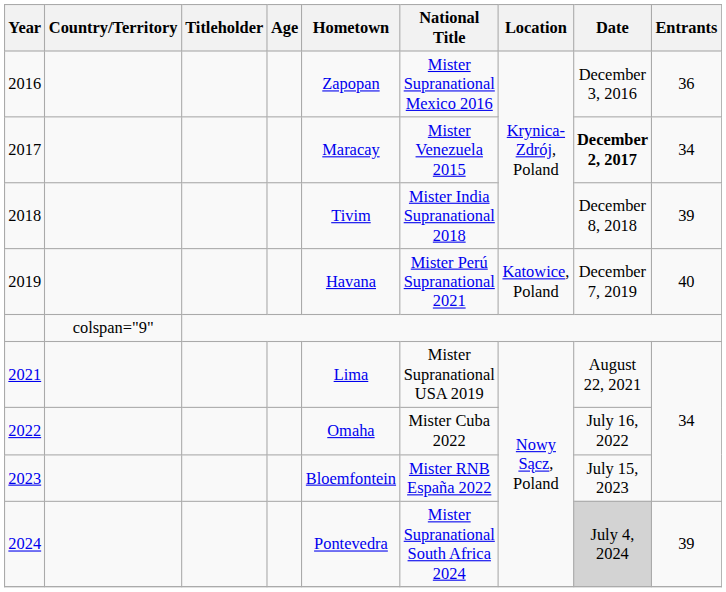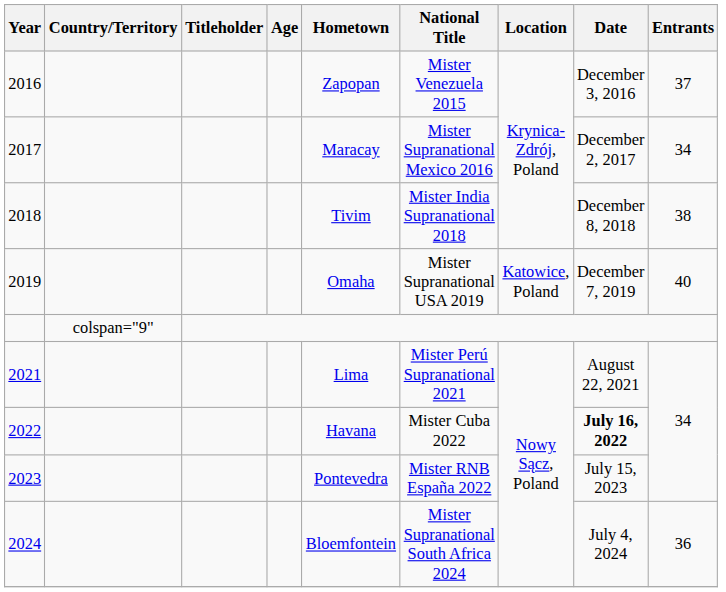 <table class="wikitable sortable" style="font-size: 95%; text-align:center;">
 <tr>
 <th>Year</th>
 <th>Country/Territory</th>
 <th>Titleholder</th>
 <th>Age</th>
 <th>Hometown</th>
 <th>National Title</th>
 <th>Location</th>
 <th>Date</th>
 <th>Entrants</th>
 </tr>
 <tr>
 <td>2016</td>
 <td></td>
 <td></td>
 <td></td>
 <td><a href='#'>Zapopan</a></td>
-<td><a href='#'>Mister Supranational Mexico 2016</a></td>
+<td><a href='#'>Mister Venezuela 2015</a></td>
 <td rowspan=3><a href='#'>Krynica-Zdrój</a>, Poland</td>
 <td>December 3, 2016</td>
-<td align=center>36</td>
+<td align=center>37</td>
 </tr>
 <tr>
 <td>2017</td>
 <td></td>
 <td></td>
 <td></td>
 <td><a href='#'>Maracay</a></td>
-<td><a href='#'>Mister Venezuela 2015</a></td>
-<td><strong>December 2, 2017</strong></td>
+<td><a href='#'>Mister Supranational Mexico 2016</a></td>
+<td>December 2, 2017</td>
 <td align=center>34</td>
 </tr>
 <tr>
 <td>2018</td>
 <td></td>
 <td></td>
 <td></td>
 <td><a href='#'>Tivim</a></td>
 <td><a href='#'>Mister India Supranational 2018</a></td>
 <td>December 8, 2018</td>
-<td align=center>39</td>
+<td align=center>38</td>
 </tr>
 <tr>
 <td>2019</td>
 <td></td>
 <td></td>
 <td></td>
-<td><a href='#'>Havana</a></td>
-<td><a href='#'>Mister Perú Supranational 2021</a></td>
+<td><a href='#'>Omaha</a></td>
+<td>Mister Supranational USA 2019</td>
 <td><a href='#'>Katowice</a>, Poland</td>
 <td>December 7, 2019</td>
 <td align=center>40</td>
 </tr>
 <tr>
 <td></td>
 <td>colspan="9" </td>
 </tr>
 <tr>
 <td><a href='#'>2021</a></td>
 <td></td>
 <td></td>
 <td></td>
 <td><a href='#'>Lima</a></td>
-<td>Mister Supranational USA 2019</td>
+<td><a href='#'>Mister Perú Supranational 2021</a></td>
 <td rowspan=4><a href='#'>Nowy Sącz</a>, Poland</td>
 <td>August 22, 2021</td>
 <td align=center rowspan=3>34</td>
 </tr>
 <tr>
 <td><a href='#'>2022</a></td>
 <td></td>
 <td></td>
 <td></td>
-<td><a href='#'>Omaha</a></td>
+<td><a href='#'>Havana</a></td>
 <td>Mister Cuba 2022</td>
-<td>July 16, 2022</td>
+<td><strong>July 16, 2022</strong></td>
 </tr>
 <tr>
 <td><a href='#'>2023</a></td>
 <td></td>
 <td></td>
 <td></td>
-<td><a href='#'>Bloemfontein</a></td>
+<td><a href='#'>Pontevedra</a></td>
 <td><a href='#'>Mister RNB España 2022</a></td>
 <td>July 15, 2023</td>
 </tr>
 <tr>
 <td><a href='#'>2024</a></td>
 <td></td>
 <td></td>
 <td></td>
-<td><a href='#'>Pontevedra</a></td>
+<td><a href='#'>Bloemfontein</a></td>
 <td><a href='#'>Mister Supranational South Africa 2024</a></td>
-<td style="background: lightgrey;">July 4, 2024</td>
-<td align=center>39</td>
+<td>July 4, 2024</td>
+<td align=center>36</td>
 </tr>
 <tr>
 </tr>
 </table>
